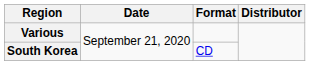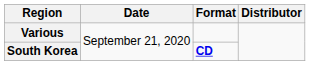 <table class="wikitable plainrowheaders">
 <tr>
 <th>Region</th>
 <th>Date</th>
 <th>Format</th>
 <th>Distributor</th>
 </tr>
 <tr>
 <th scope="row">Various</th>
 <td rowspan="3">September 21, 2020</td>
 <td rowspan="2"></td>
 <td rowspan="3"></td>
 </tr>
 <tr>
 <th scope="row" rowspan="2">South Korea</th>
 </tr>
 <tr>
-<td><a href='#'>CD</a></td>
+<td><strong><a href='#'>CD</a></strong></td>
 </tr>
 </table>
